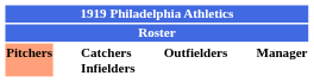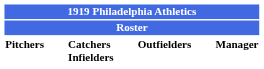 <table class="toccolours" style="font-size: 95%;">
 <tr>
 <th colspan="10" style="background-color: #4169e1; color: white; text-align: center;">1919 Philadelphia Athletics</th>
 </tr>
 <tr>
 <td colspan="10" style="background-color: #4169e1; color: white; text-align: center;"><strong>Roster</strong></td>
 </tr>
 <tr>
-<td valign="top" style="background: lightsalmon;"><strong>Pitchers</strong><br>                      </td>
+<td valign="top"><strong>Pitchers</strong><br>                      </td>
 <td width="25px"></td>
 <td valign="top"><strong>Catchers</strong><br>    <strong>Infielders</strong>             </td>
 <td width="25px"></td>
 <td valign="top"><strong>Outfielders</strong><br>        </td>
 <td width="25px"></td>
 <td valign="top"><strong>Manager</strong><br></td>
 </tr>
 </table>
